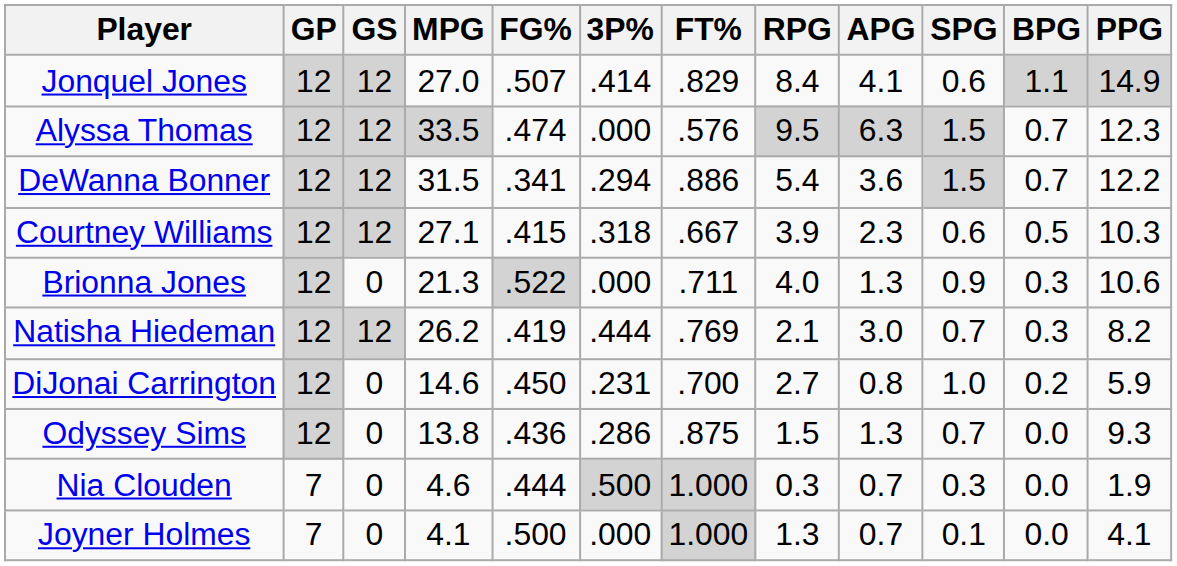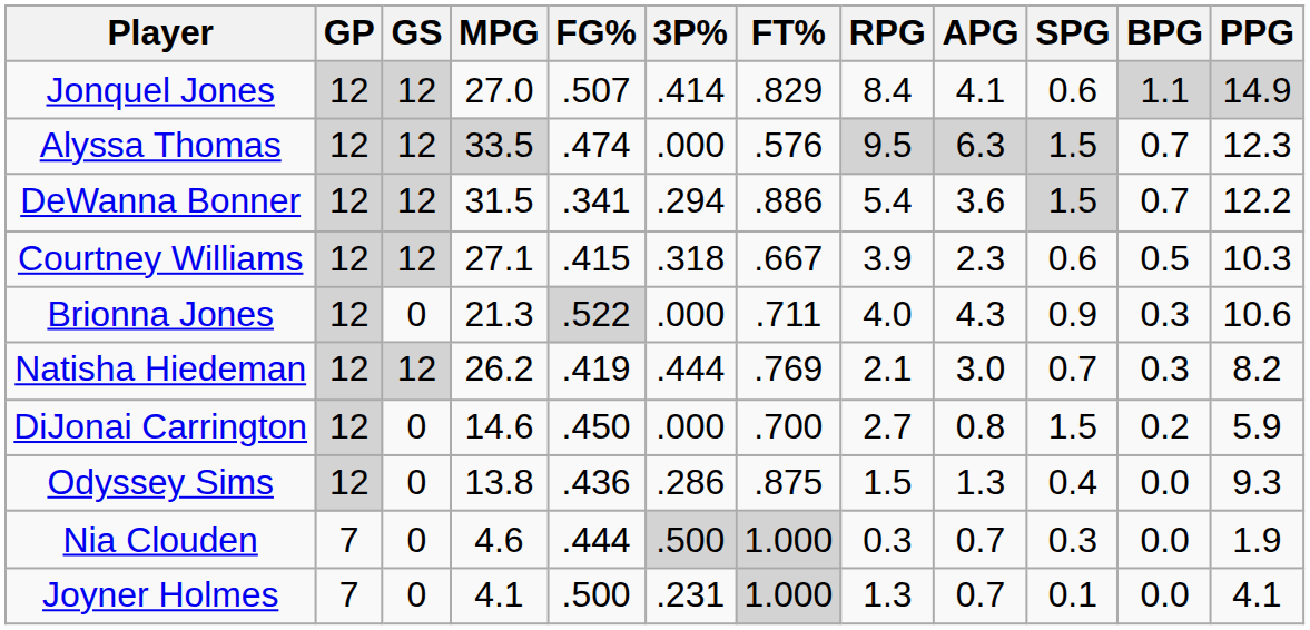 <table class="wikitable sortable" style="text-align:center">
 <tr>
 <th>Player</th>
 <th>GP</th>
 <th>GS</th>
 <th>MPG</th>
 <th>FG%</th>
 <th>3P%</th>
 <th>FT%</th>
 <th>RPG</th>
 <th>APG</th>
 <th>SPG</th>
 <th>BPG</th>
 <th>PPG</th>
 </tr>
 <tr>
 <td><a href='#'>Jonquel Jones</a></td>
 <td style="background:#D3D3D3;">12</td>
 <td style="background:#D3D3D3;">12</td>
 <td>27.0</td>
 <td>.507</td>
 <td>.414</td>
 <td>.829</td>
 <td>8.4</td>
 <td>4.1</td>
 <td>0.6</td>
 <td style="background:#D3D3D3;">1.1</td>
 <td style="background:#D3D3D3;">14.9</td>
 </tr>
 <tr>
 <td><a href='#'>Alyssa Thomas</a></td>
 <td style="background:#D3D3D3;">12</td>
 <td style="background:#D3D3D3;">12</td>
 <td style="background:#D3D3D3;">33.5</td>
 <td>.474</td>
 <td>.000</td>
 <td>.576</td>
 <td style="background:#D3D3D3;">9.5</td>
 <td style="background:#D3D3D3;">6.3</td>
 <td style="background:#D3D3D3;">1.5</td>
 <td>0.7</td>
 <td>12.3</td>
 </tr>
 <tr>
 <td><a href='#'>DeWanna Bonner</a></td>
 <td style="background:#D3D3D3;">12</td>
 <td style="background:#D3D3D3;">12</td>
 <td>31.5</td>
 <td>.341</td>
 <td>.294</td>
 <td>.886</td>
 <td>5.4</td>
 <td>3.6</td>
 <td style="background:#D3D3D3;">1.5</td>
 <td>0.7</td>
 <td>12.2</td>
 </tr>
 <tr>
 <td><a href='#'>Courtney Williams</a></td>
 <td style="background:#D3D3D3;">12</td>
 <td style="background:#D3D3D3;">12</td>
 <td>27.1</td>
 <td>.415</td>
 <td>.318</td>
 <td>.667</td>
 <td>3.9</td>
 <td>2.3</td>
 <td>0.6</td>
 <td>0.5</td>
 <td>10.3</td>
 </tr>
 <tr>
 <td><a href='#'>Brionna Jones</a></td>
 <td style="background:#D3D3D3;">12</td>
 <td>0</td>
 <td>21.3</td>
 <td style="background:#D3D3D3;">.522</td>
 <td>.000</td>
 <td>.711</td>
 <td>4.0</td>
-<td>1.3</td>
+<td>4.3</td>
 <td>0.9</td>
 <td>0.3</td>
 <td>10.6</td>
 </tr>
 <tr>
 <td><a href='#'>Natisha Hiedeman</a></td>
 <td style="background:#D3D3D3;">12</td>
 <td style="background:#D3D3D3;">12</td>
 <td>26.2</td>
 <td>.419</td>
 <td>.444</td>
 <td>.769</td>
 <td>2.1</td>
 <td>3.0</td>
 <td>0.7</td>
 <td>0.3</td>
 <td>8.2</td>
 </tr>
 <tr>
 <td><a href='#'>DiJonai Carrington</a></td>
 <td style="background:#D3D3D3;">12</td>
 <td>0</td>
 <td>14.6</td>
 <td>.450</td>
-<td>.231</td>
+<td>.000</td>
 <td>.700</td>
 <td>2.7</td>
 <td>0.8</td>
-<td>1.0</td>
+<td>1.5</td>
 <td>0.2</td>
 <td>5.9</td>
 </tr>
 <tr>
 <td><a href='#'>Odyssey Sims</a></td>
 <td style="background:#D3D3D3;">12</td>
 <td>0</td>
 <td>13.8</td>
 <td>.436</td>
 <td>.286</td>
 <td>.875</td>
 <td>1.5</td>
 <td>1.3</td>
-<td>0.7</td>
+<td>0.4</td>
 <td>0.0</td>
 <td>9.3</td>
 </tr>
 <tr>
 <td><a href='#'>Nia Clouden</a></td>
 <td>7</td>
 <td>0</td>
 <td>4.6</td>
 <td>.444</td>
 <td style="background:#D3D3D3;">.500</td>
 <td style="background:#D3D3D3;">1.000</td>
 <td>0.3</td>
 <td>0.7</td>
 <td>0.3</td>
 <td>0.0</td>
 <td>1.9</td>
 </tr>
 <tr>
 <td><a href='#'>Joyner Holmes</a></td>
 <td>7</td>
 <td>0</td>
 <td>4.1</td>
 <td>.500</td>
-<td>.000</td>
+<td>.231</td>
 <td style="background:#D3D3D3;">1.000</td>
 <td>1.3</td>
 <td>0.7</td>
 <td>0.1</td>
 <td>0.0</td>
 <td>4.1</td>
 </tr>
 </table>
